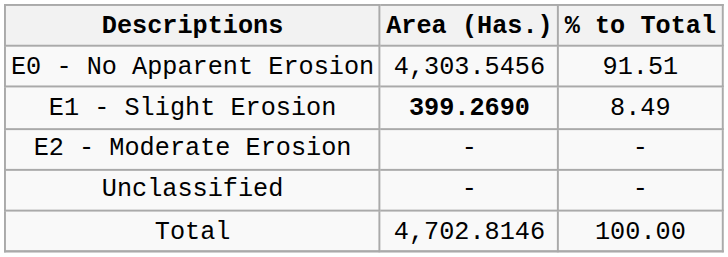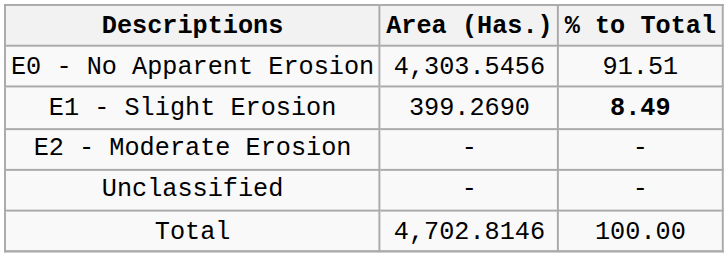 <table class="wikitable" style="text-align:center">
 <tr>
 <th>Descriptions</th>
 <th>Area (Has.)</th>
 <th>% to Total</th>
 </tr>
 <tr>
 <td>E0 - No Apparent Erosion</td>
 <td>4,303.5456</td>
 <td>91.51</td>
 </tr>
 <tr>
 <td>E1 - Slight Erosion</td>
-<td><strong>399.2690</strong></td>
-<td>8.49</td>
+<td>399.2690</td>
+<td><strong>8.49</strong></td>
 </tr>
 <tr>
 <td>E2 - Moderate Erosion</td>
 <td>-</td>
 <td>-</td>
 </tr>
 <tr>
 <td>Unclassified</td>
 <td>-</td>
 <td>-</td>
 </tr>
 <tr>
 <td>Total</td>
 <td>4,702.8146</td>
 <td>100.00</td>
 </tr>
 <tr>
 </tr>
 </table>
